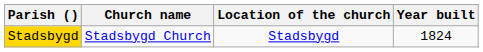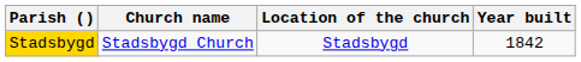 <table class="wikitable" style="text-align:center">
 <tr>
 <th>Parish ()</th>
 <th>Church name</th>
 <th>Location of the church</th>
 <th>Year built</th>
 </tr>
 <tr>
 <td rowspan="1" style="background: gold;">Stadsbygd</td>
 <td><a href='#'>Stadsbygd Church</a></td>
 <td><a href='#'>Stadsbygd</a></td>
-<td>1824</td>
+<td>1842</td>
 </tr>
 </table>
